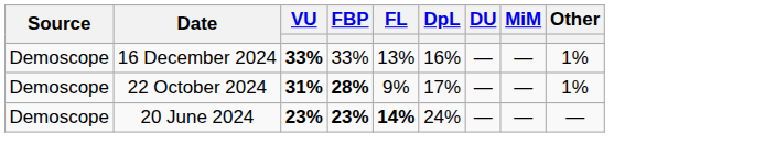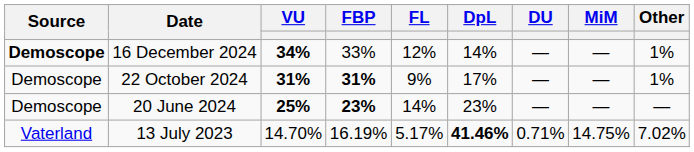 <table class="wikitable sortable mw-collapsible" style=text-align:center>
 <tr>
 <th scope=col rowspan=2>Source</th>
 <th scope=col rowspan=2>Date</th>
 <th scope=col><a href='#'>VU</a></th>
 <th scope=col><a href='#'>FBP</a></th>
 <th scope=col><a href='#'>FL</a></th>
 <th scope=col><a href='#'>DpL</a></th>
 <th scope=col><a href='#'>DU</a></th>
 <th scope=col><a href='#'>MiM</a></th>
 <th scope=col>Other</th>
 </tr>
 <tr>
 <th style="background:"></th>
 <th style="background:"></th>
 <th style="background:"></th>
 <th style="background:"></th>
 <th style="background:"></th>
 <th style="background:"></th>
 <th style="background:"></th>
 </tr>
 <tr>
-<td>Demoscope</td>
+<td><strong>Demoscope</strong></td>
 <th scope=row style="background:inherit;font-weight:normal;">16 December 2024</th>
-<td><strong>33%</strong></td>
+<td><strong>34%</strong></td>
 <td>33%</td>
-<td>13%</td>
-<td>16%</td>
+<td>12%</td>
+<td>14%</td>
 <td>—</td>
 <td>—</td>
 <td>1%</td>
 </tr>
 <tr>
 <td>Demoscope</td>
 <th scope=row style="background:inherit;font-weight:normal;">22 October 2024</th>
 <td><strong>31%</strong></td>
-<td><strong>28%</strong></td>
+<td><strong>31%</strong></td>
 <td>9%</td>
 <td>17%</td>
 <td>—</td>
 <td>—</td>
 <td>1%</td>
 </tr>
 <tr>
 <td>Demoscope</td>
 <th scope=row style="background:inherit;font-weight:normal;">20 June 2024</th>
+<td><strong>25%</strong></td>
 <td><strong>23%</strong></td>
-<td><strong>23%</strong></td>
-<td><strong>14%</strong></td>
-<td>24%</td>
+<td>14%</td>
+<td>23%</td>
 <td>—</td>
 <td>—</td>
 <td>—</td>
 </tr>
+<tr>
+<td><a href='#'>Vaterland</a></td>
+<th scope=row style="background:inherit;font-weight:normal;">13 July 2023</th>
+<td>14.70%</td>
+<td>16.19%</td>
+<td>5.17%</td>
+<td><strong>41.46%</strong></td>
+<td>0.71%</td>
+<td>14.75%</td>
+<td>7.02%</td>
+</tr>
 </table>
